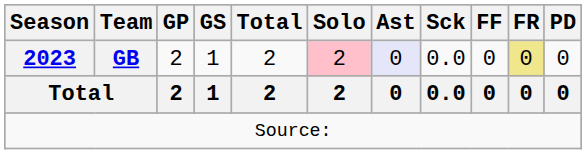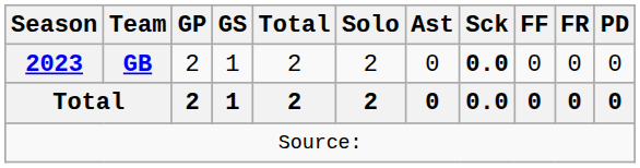 <table class="wikitable" style="text-align: center;">
 <tr>
 <th>Season</th>
 <th>Team</th>
 <th>GP</th>
 <th>GS</th>
 <th>Total</th>
 <th>Solo</th>
 <th>Ast</th>
 <th>Sck</th>
 <th>FF</th>
 <th>FR</th>
 <th>PD</th>
 </tr>
 <tr>
 <th><a href='#'>2023</a></th>
 <th><a href='#'>GB</a></th>
 <td>2</td>
 <td>1</td>
 <td>2</td>
-<td style="background: pink;">2</td>
-<td style="background: lavender;">0</td>
-<td>0.0</td>
+<td>2</td>
 <td>0</td>
-<td style="background: khaki;">0</td>
+<td><strong>0.0</strong></td>
+<td>0</td>
+<td>0</td>
 <td>0</td>
 </tr>
 <tr>
 <th colspan="2">Total</th>
 <th>2</th>
 <th>1</th>
 <th>2</th>
 <th>2</th>
 <th>0</th>
 <th>0.0</th>
 <th>0</th>
 <th>0</th>
 <th>0</th>
 </tr>
 <tr>
 <td colspan="11"><small>Source: </small></td>
 </tr>
 </table>
